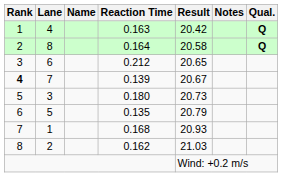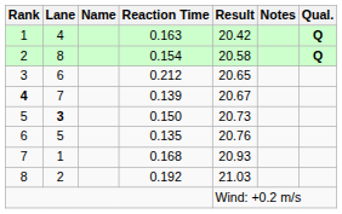 <table class="wikitable" style="text-align:center">
 <tr>
 <th>Rank</th>
 <th>Lane</th>
 <th>Name</th>
 <th>Reaction Time</th>
 <th>Result</th>
 <th>Notes</th>
 <th>Qual.</th>
 </tr>
 <tr bgcolor=ccffcc>
 <td>1</td>
 <td>4</td>
 <td align="left"></td>
 <td>0.163</td>
 <td>20.42</td>
 <td></td>
 <td><strong>Q</strong></td>
 </tr>
 <tr bgcolor=ccffcc>
 <td>2</td>
 <td>8</td>
 <td align="left"></td>
-<td>0.164</td>
+<td>0.154</td>
 <td>20.58</td>
 <td></td>
 <td><strong>Q</strong></td>
 </tr>
 <tr>
 <td>3</td>
 <td>6</td>
 <td align="left"></td>
 <td>0.212</td>
 <td>20.65</td>
 <td></td>
 <td></td>
 </tr>
 <tr>
 <td><strong>4</strong></td>
 <td>7</td>
 <td align="left"></td>
 <td>0.139</td>
 <td>20.67</td>
 <td></td>
 <td></td>
 </tr>
 <tr>
 <td>5</td>
-<td>3</td>
+<td><strong>3</strong></td>
 <td align="left"></td>
-<td>0.180</td>
+<td>0.150</td>
 <td>20.73</td>
 <td></td>
 <td></td>
 </tr>
 <tr>
 <td>6</td>
 <td>5</td>
 <td align="left"></td>
 <td>0.135</td>
-<td>20.79</td>
+<td>20.76</td>
 <td></td>
 <td></td>
 </tr>
 <tr>
 <td>7</td>
 <td>1</td>
 <td align="left"></td>
 <td>0.168</td>
 <td>20.93</td>
 <td></td>
 <td></td>
 </tr>
 <tr>
 <td>8</td>
 <td>2</td>
 <td align="left"></td>
-<td>0.162</td>
+<td>0.192</td>
 <td>21.03</td>
 <td></td>
 <td></td>
 </tr>
 <tr class="sortbottom">
 <td colspan=4></td>
 <td colspan="3" style="text-align:left;">Wind: +0.2 m/s</td>
 </tr>
 </table>
